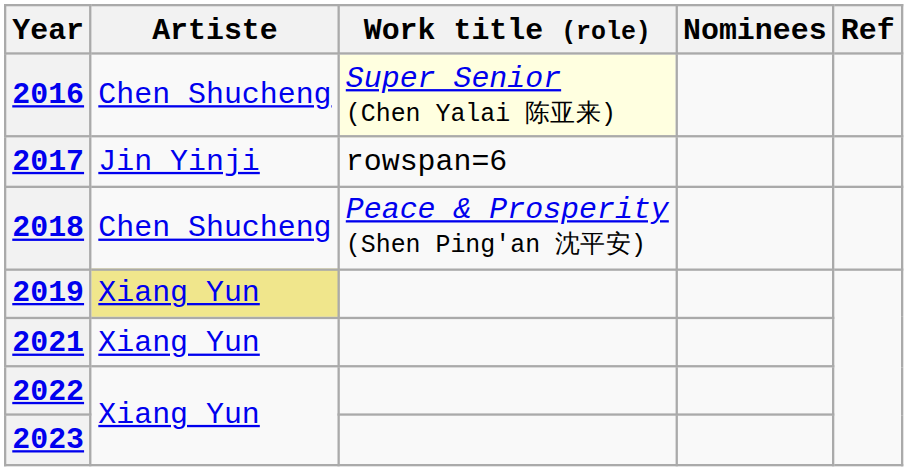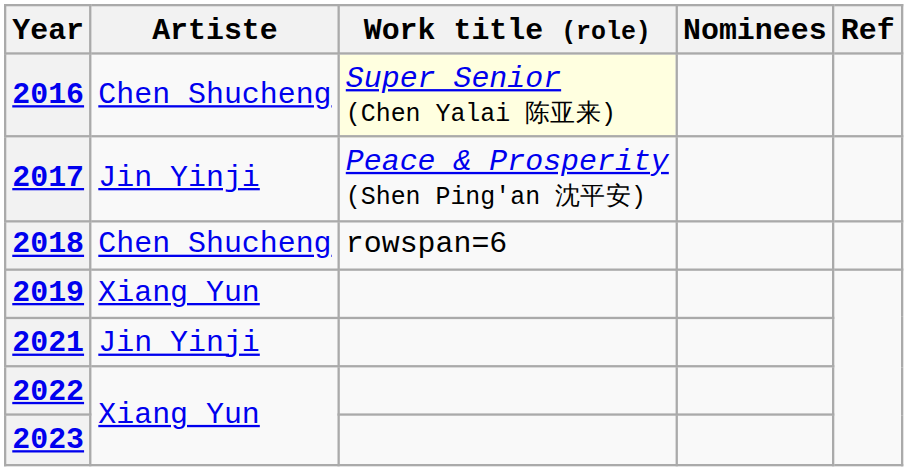 <table class="wikitable sortable">
 <tr>
 <th>Year</th>
 <th>Artiste</th>
 <th>Work title <small>(role)</small></th>
 <th>Nominees</th>
 <th>Ref</th>
 </tr>
 <tr>
 <th scope="row"><a href='#'>2016</a></th>
 <td><a href='#'>Chen Shucheng</a></td>
 <td style="background: lightyellow;"><em><a href='#'>Super Senior</a></em><br><small>(Chen Yalai 陈亚来)</small></td>
 <td></td>
 <td></td>
 </tr>
 <tr>
 <th scope="row"><a href='#'>2017</a></th>
 <td><a href='#'>Jin Yinji</a></td>
-<td>rowspan=6 </td>
+<td><em><a href='#'>Peace & Prosperity</a></em><br><small>(Shen Ping'an 沈平安)</small></td>
 <td></td>
 <td></td>
 </tr>
 <tr>
 <th scope="row"><a href='#'>2018</a></th>
 <td><a href='#'>Chen Shucheng</a></td>
-<td><em><a href='#'>Peace & Prosperity</a></em><br><small>(Shen Ping'an 沈平安)</small></td>
+<td>rowspan=6 </td>
 <td></td>
 <td></td>
 </tr>
 <tr>
 <th scope="row"><a href='#'>2019</a></th>
-<td style="background: khaki;"><a href='#'>Xiang Yun</a></td>
+<td><a href='#'>Xiang Yun</a></td>
 <td></td>
 <td></td>
 </tr>
 <tr>
 <th scope="row"><a href='#'>2021</a></th>
-<td><a href='#'>Xiang Yun</a></td>
+<td><a href='#'>Jin Yinji</a></td>
 <td></td>
 <td></td>
 </tr>
 <tr>
 <th scope="row"><a href='#'>2022</a></th>
 <td rowspan=2><a href='#'>Xiang Yun</a></td>
 <td></td>
 <td></td>
 </tr>
 <tr>
 <th scope="row"><a href='#'>2023</a></th>
 <td></td>
 <td></td>
 </tr>
 </table>
